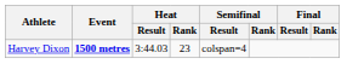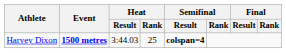 <table class=wikitable style=font-size:90%>
 <tr>
 <th rowspan=2>Athlete</th>
 <th rowspan=2>Event</th>
 <th colspan=2>Heat</th>
 <th colspan=2>Semifinal</th>
 <th colspan=2>Final</th>
 </tr>
 <tr style=font-size:95%>
 <th>Result</th>
 <th>Rank</th>
 <th>Result</th>
 <th>Rank</th>
 <th>Result</th>
 <th>Rank</th>
 </tr>
 <tr align=center>
 <td align=left><a href='#'>Harvey Dixon</a></td>
 <td align=left><strong><a href='#'>1500 metres</a></strong></td>
 <td>3:44.03 <strong></strong></td>
-<td>23</td>
-<td>colspan=4 </td>
+<td>25</td>
+<td><strong>colspan=4 </strong></td>
 </tr>
 </table>
